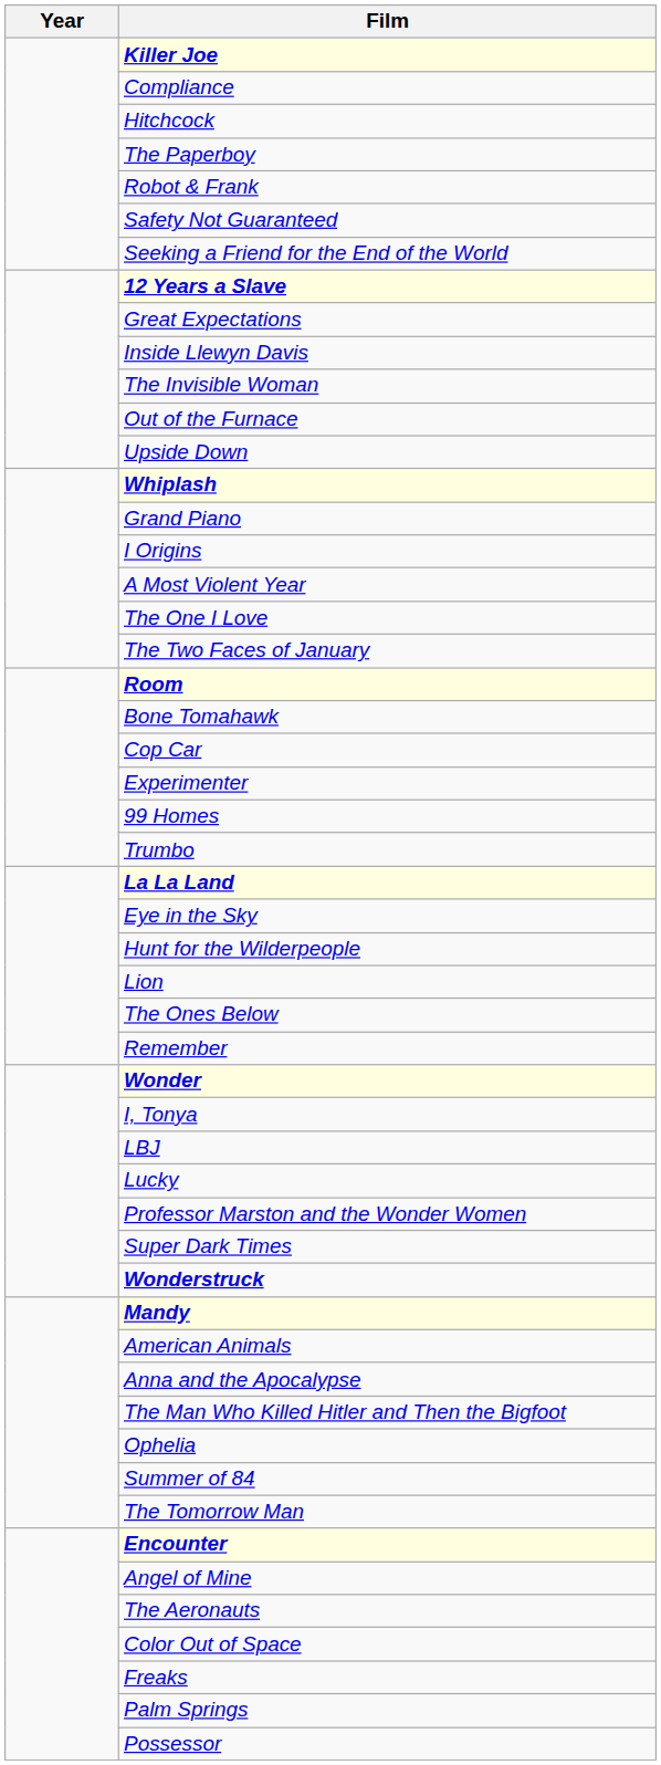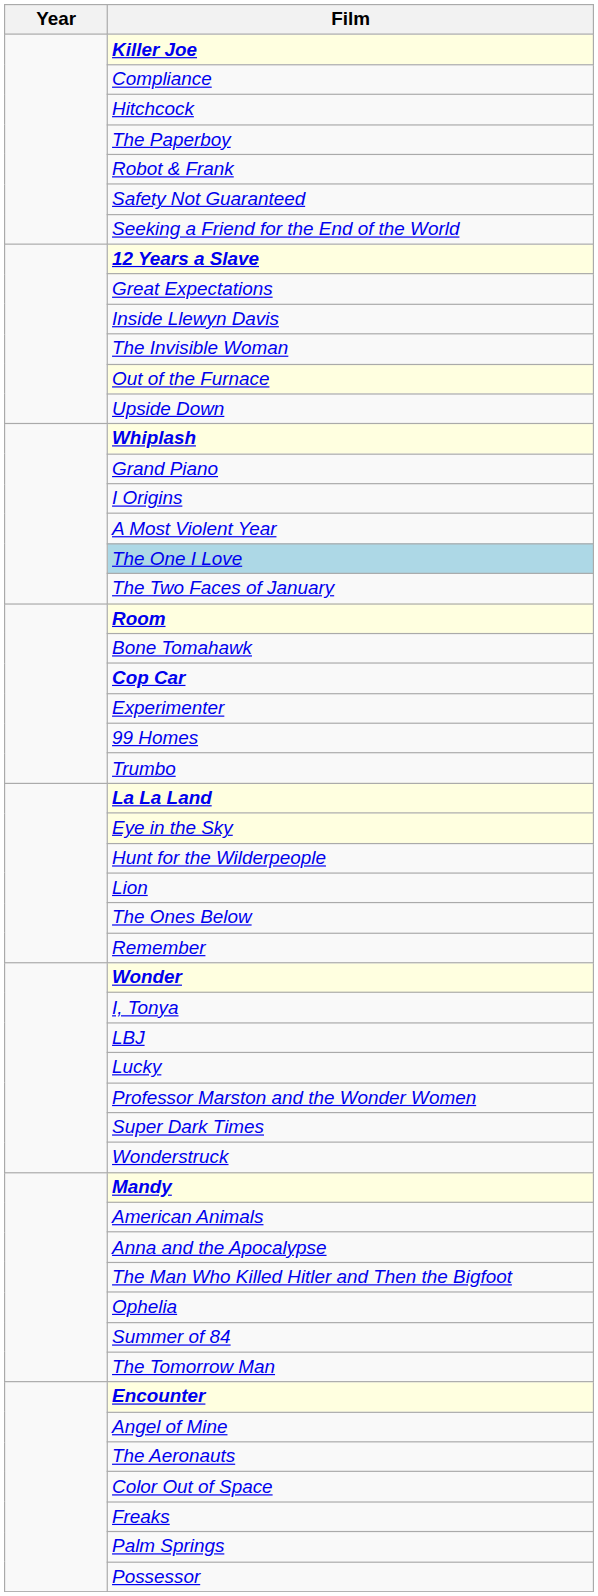 <table width="500" align="centre" class="wikitable">
 <tr>
 <th width="80">Year</th>
 <th>Film</th>
 </tr>
 <tr>
 <td rowspan=7></td>
 <td style="background:lightyellow"><strong><em><a href='#'>Killer Joe</a></em></strong></td>
 </tr>
 <tr>
 <td><em><a href='#'>Compliance</a></em></td>
 </tr>
 <tr>
 <td><em><a href='#'>Hitchcock</a></em></td>
 </tr>
 <tr>
 <td><em><a href='#'>The Paperboy</a></em></td>
 </tr>
 <tr>
 <td><em><a href='#'>Robot & Frank</a></em></td>
 </tr>
 <tr>
 <td><em><a href='#'>Safety Not Guaranteed</a></em></td>
 </tr>
 <tr>
 <td><em><a href='#'>Seeking a Friend for the End of the World</a></em></td>
 </tr>
 <tr>
 <td rowspan=6></td>
 <td style="background:lightyellow"><strong><em><a href='#'>12 Years a Slave</a></em></strong></td>
 </tr>
 <tr>
 <td><em><a href='#'>Great Expectations</a></em></td>
 </tr>
 <tr>
 <td><em><a href='#'>Inside Llewyn Davis</a></em></td>
 </tr>
 <tr>
 <td><em><a href='#'>The Invisible Woman</a></em></td>
 </tr>
 <tr>
-<td><em><a href='#'>Out of the Furnace</a></em></td>
+<td style="background: lightyellow;"><em><a href='#'>Out of the Furnace</a></em></td>
 </tr>
 <tr>
 <td><em><a href='#'>Upside Down</a></em></td>
 </tr>
 <tr>
 <td rowspan=6></td>
 <td style="background:lightyellow"><strong><em><a href='#'>Whiplash</a></em></strong></td>
 </tr>
 <tr>
 <td><em><a href='#'>Grand Piano</a></em></td>
 </tr>
 <tr>
 <td><em><a href='#'>I Origins</a></em></td>
 </tr>
 <tr>
 <td><em><a href='#'>A Most Violent Year</a></em></td>
 </tr>
 <tr>
-<td><em><a href='#'>The One I Love</a></em></td>
+<td style="background: lightblue;"><em><a href='#'>The One I Love</a></em></td>
 </tr>
 <tr>
 <td><em><a href='#'>The Two Faces of January</a></em></td>
 </tr>
 <tr>
 <td rowspan=6></td>
 <td style="background:lightyellow"><strong><em><a href='#'>Room</a></em></strong></td>
 </tr>
 <tr>
 <td><em><a href='#'>Bone Tomahawk</a></em></td>
 </tr>
 <tr>
-<td><em><a href='#'>Cop Car</a></em></td>
+<td><strong><em><a href='#'>Cop Car</a></em></strong></td>
 </tr>
 <tr>
 <td><em><a href='#'>Experimenter</a></em></td>
 </tr>
 <tr>
 <td><em><a href='#'>99 Homes</a></em></td>
 </tr>
 <tr>
 <td><em><a href='#'>Trumbo</a></em></td>
 </tr>
 <tr>
 <td rowspan=6></td>
 <td style="background:lightyellow"><strong><em><a href='#'>La La Land</a></em></strong></td>
 </tr>
 <tr>
-<td><em><a href='#'>Eye in the Sky</a></em></td>
+<td style="background: lightyellow;"><em><a href='#'>Eye in the Sky</a></em></td>
 </tr>
 <tr>
 <td><em><a href='#'>Hunt for the Wilderpeople</a></em></td>
 </tr>
 <tr>
 <td><em><a href='#'>Lion</a></em></td>
 </tr>
 <tr>
 <td><em><a href='#'>The Ones Below</a></em></td>
 </tr>
 <tr>
 <td><em><a href='#'>Remember</a></em></td>
 </tr>
 <tr>
 <td rowspan=7></td>
 <td style="background:lightyellow"><strong><em><a href='#'>Wonder</a></em></strong></td>
 </tr>
 <tr>
 <td><em><a href='#'>I, Tonya</a></em></td>
 </tr>
 <tr>
 <td><em><a href='#'>LBJ</a></em></td>
 </tr>
 <tr>
 <td><em><a href='#'>Lucky</a></em></td>
 </tr>
 <tr>
 <td><em><a href='#'>Professor Marston and the Wonder Women</a></em></td>
 </tr>
 <tr>
 <td><em><a href='#'>Super Dark Times</a></em></td>
 </tr>
 <tr>
-<td><strong><em><a href='#'>Wonderstruck</a></em></strong></td>
+<td><em><a href='#'>Wonderstruck</a></em></td>
 </tr>
 <tr>
 <td rowspan=7></td>
 <td style="background:lightyellow"><strong><em><a href='#'>Mandy</a></em></strong></td>
 </tr>
 <tr>
 <td><em><a href='#'>American Animals</a></em></td>
 </tr>
 <tr>
 <td><em><a href='#'>Anna and the Apocalypse</a></em></td>
 </tr>
 <tr>
 <td><em><a href='#'>The Man Who Killed Hitler and Then the Bigfoot</a></em></td>
 </tr>
 <tr>
 <td><em><a href='#'>Ophelia</a></em></td>
 </tr>
 <tr>
 <td><em><a href='#'>Summer of 84</a></em></td>
 </tr>
 <tr>
 <td><em><a href='#'>The Tomorrow Man</a></em></td>
 </tr>
 <tr>
 <td rowspan=7></td>
 <td style="background:lightyellow"><strong><em><a href='#'>Encounter</a></em></strong></td>
 </tr>
 <tr>
 <td><em><a href='#'>Angel of Mine</a></em></td>
 </tr>
 <tr>
 <td><em><a href='#'>The Aeronauts</a></em></td>
 </tr>
 <tr>
 <td><em><a href='#'>Color Out of Space</a></em></td>
 </tr>
 <tr>
 <td><em><a href='#'>Freaks</a></em></td>
 </tr>
 <tr>
 <td><em><a href='#'>Palm Springs</a></em></td>
 </tr>
 <tr>
 <td><em><a href='#'>Possessor</a></em></td>
 </tr>
 </table>
